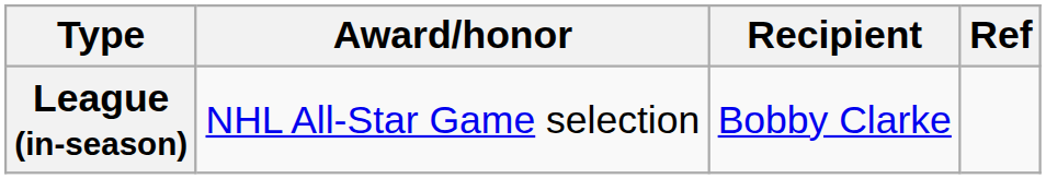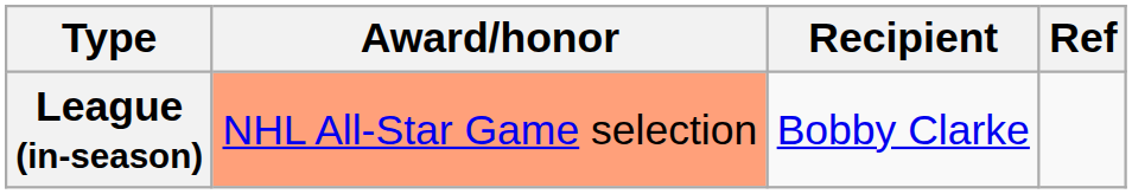 <table class="wikitable">
 <tr>
 <th scope="col">Type</th>
 <th scope="col">Award/honor</th>
 <th scope="col">Recipient</th>
 <th scope="col">Ref</th>
 </tr>
 <tr>
 <th scope="row">League<br><small>(in-season)</small></th>
-<td><a href='#'>NHL All-Star Game</a> selection</td>
+<td style="background: lightsalmon;"><a href='#'>NHL All-Star Game</a> selection</td>
 <td><a href='#'>Bobby Clarke</a></td>
 <td></td>
 </tr>
 </table>
